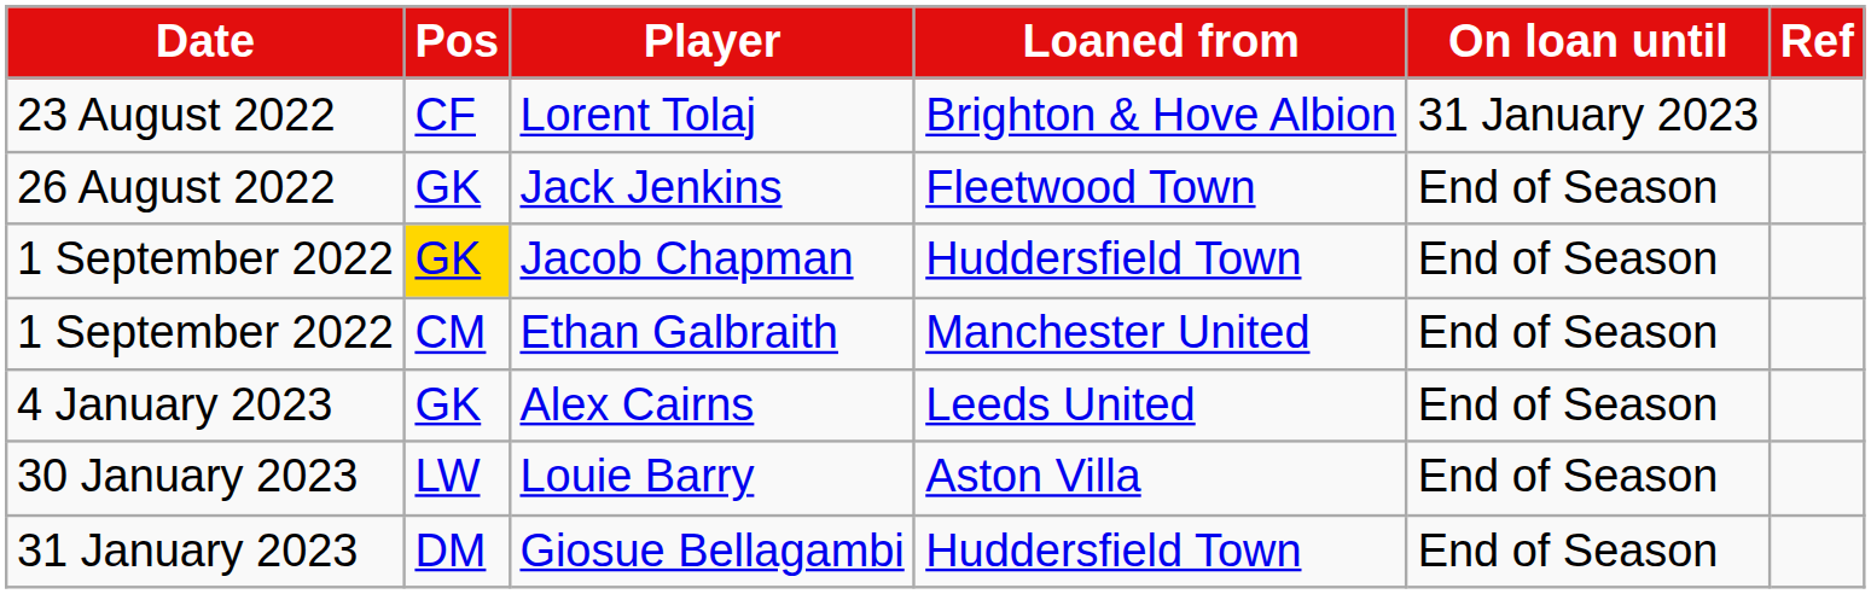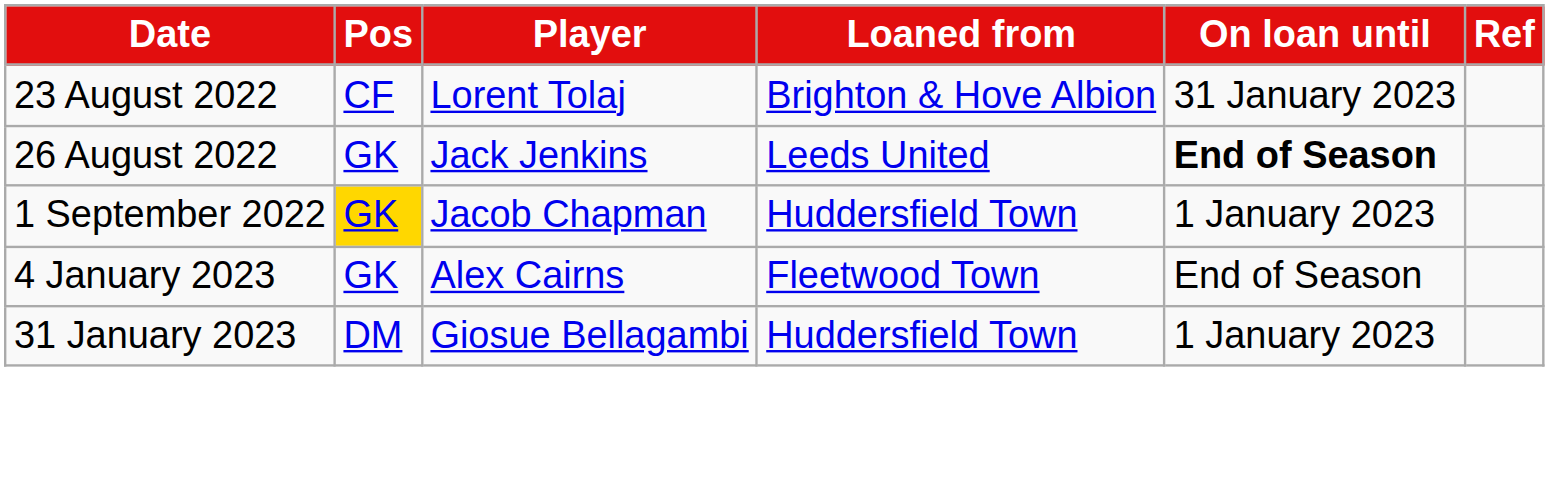 <table class="wikitable plainrowheaders sortable">
 <tr>
 <th style="background:#e20e0e; color:#FFFFFF; ">Date</th>
 <th style="background:#e20e0e; color:#FFFFFF; ">Pos</th>
 <th style="background:#e20e0e; color:#FFFFFF; ">Player</th>
 <th style="background:#e20e0e; color:#FFFFFF; ">Loaned from</th>
 <th style="background:#e20e0e; color:#FFFFFF; ">On loan until</th>
 <th style="background:#e20e0e; color:#FFFFFF; ">Ref</th>
 </tr>
 <tr>
 <td>23 August 2022</td>
 <td><a href='#'>CF</a></td>
 <td> <a href='#'>Lorent Tolaj</a></td>
 <td> <a href='#'>Brighton & Hove Albion</a></td>
 <td>31 January 2023</td>
 <td></td>
 </tr>
 <tr>
 <td>26 August 2022</td>
 <td><a href='#'>GK</a></td>
 <td> <a href='#'>Jack Jenkins</a></td>
-<td> <a href='#'>Fleetwood Town</a></td>
-<td>End of Season</td>
+<td> <a href='#'>Leeds United</a></td>
+<td><strong>End of Season</strong></td>
 <td></td>
 </tr>
 <tr>
 <td>1 September 2022</td>
 <td style="background: gold;"><a href='#'>GK</a></td>
 <td> <a href='#'>Jacob Chapman</a></td>
 <td> <a href='#'>Huddersfield Town</a></td>
-<td>End of Season</td>
-<td></td>
-</tr>
-<tr>
-<td>1 September 2022</td>
-<td><a href='#'>CM</a></td>
-<td> <a href='#'>Ethan Galbraith</a></td>
-<td> <a href='#'>Manchester United</a></td>
-<td>End of Season</td>
+<td>1 January 2023</td>
 <td></td>
 </tr>
 <tr>
 <td>4 January 2023</td>
 <td><a href='#'>GK</a></td>
 <td> <a href='#'>Alex Cairns</a></td>
-<td> <a href='#'>Leeds United</a></td>
-<td>End of Season</td>
-<td></td>
-</tr>
-<tr>
-<td>30 January 2023</td>
-<td><a href='#'>LW</a></td>
-<td> <a href='#'>Louie Barry</a></td>
-<td> <a href='#'>Aston Villa</a></td>
+<td> <a href='#'>Fleetwood Town</a></td>
 <td>End of Season</td>
 <td></td>
 </tr>
 <tr>
 <td>31 January 2023</td>
 <td><a href='#'>DM</a></td>
 <td> <a href='#'>Giosue Bellagambi</a></td>
 <td> <a href='#'>Huddersfield Town</a></td>
-<td>End of Season</td>
+<td>1 January 2023</td>
 <td></td>
 </tr>
 </table>
